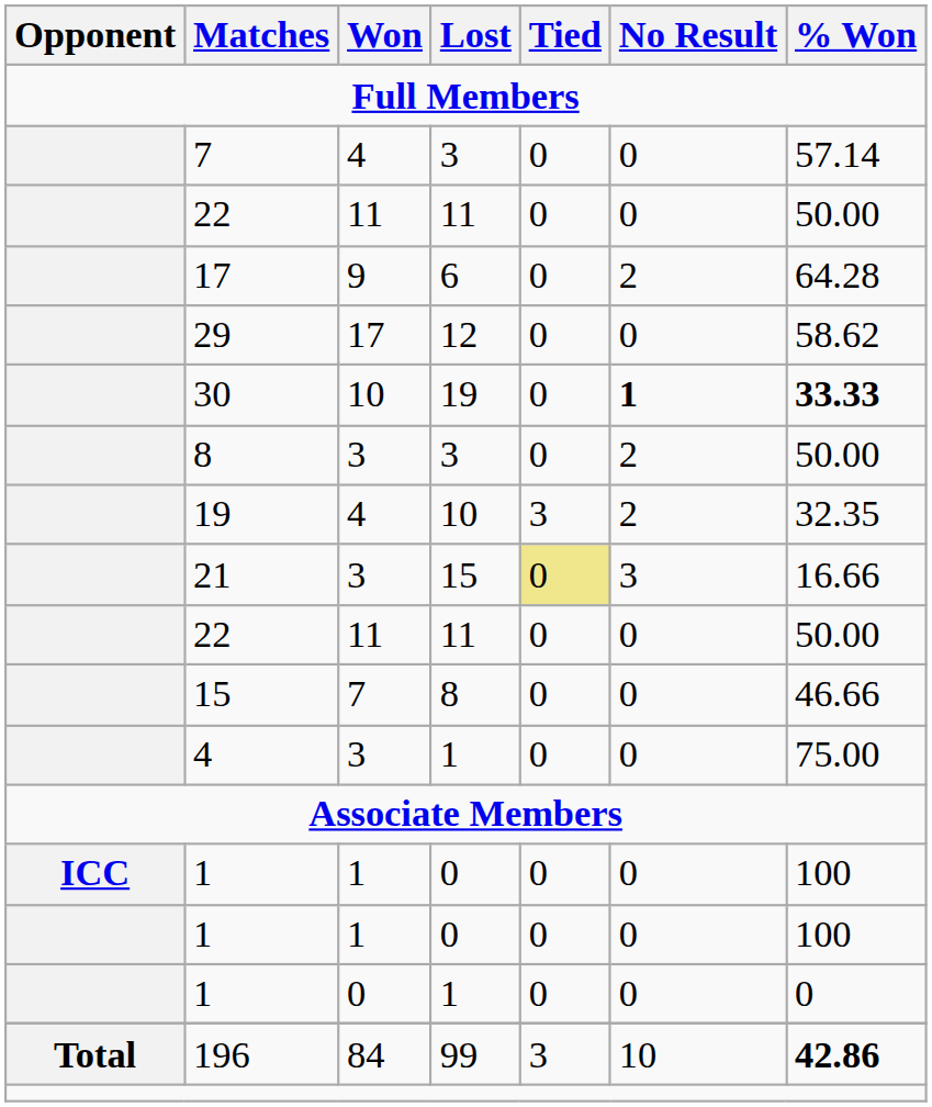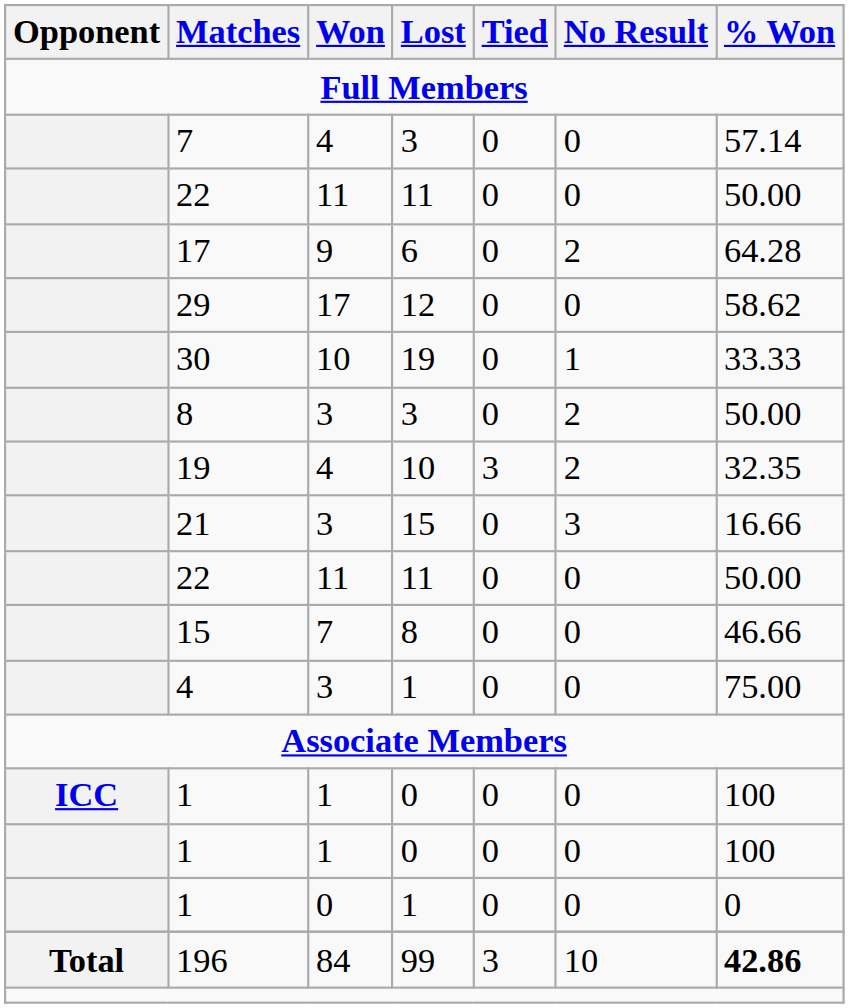 <table class="wikitable plainrowheaders sortable">
 <tr>
 <th scope="col">Opponent</th>
 <th scope="col"><a href='#'>Matches</a></th>
 <th scope="col"><a href='#'>Won</a></th>
 <th scope="col"><a href='#'>Lost</a></th>
 <th scope="col"><a href='#'>Tied</a></th>
 <th scope="col"><a href='#'>No Result</a></th>
 <th scope="col"><a href='#'>% Won</a></th>
 </tr>
 <tr>
 <td style="text-align: center;" colspan="9"><strong><a href='#'>Full Members</a></strong></td>
 </tr>
 <tr>
 <th scope=row></th>
 <td>7</td>
 <td>4</td>
 <td>3</td>
 <td>0</td>
 <td>0</td>
 <td>57.14</td>
 </tr>
 <tr>
 <th scope=row></th>
 <td>22</td>
 <td>11</td>
 <td>11</td>
 <td>0</td>
 <td>0</td>
 <td>50.00</td>
 </tr>
 <tr>
 <th scope=row></th>
 <td>17</td>
 <td>9</td>
 <td>6</td>
 <td>0</td>
 <td>2</td>
 <td>64.28</td>
 </tr>
 <tr>
 <th scope=row></th>
 <td>29</td>
 <td>17</td>
 <td>12</td>
 <td>0</td>
 <td>0</td>
 <td>58.62</td>
 </tr>
 <tr>
 <th scope=row></th>
 <td>30</td>
 <td>10</td>
 <td>19</td>
 <td>0</td>
-<td><strong>1</strong></td>
-<td><strong>33.33</strong></td>
+<td>1</td>
+<td>33.33</td>
 </tr>
 <tr>
 <th scope=row></th>
 <td>8</td>
 <td>3</td>
 <td>3</td>
 <td>0</td>
 <td>2</td>
 <td>50.00</td>
 </tr>
 <tr>
 <th scope=row></th>
 <td>19</td>
 <td>4</td>
 <td>10</td>
 <td>3</td>
 <td>2</td>
 <td>32.35</td>
 </tr>
 <tr>
 <th scope=row></th>
 <td>21</td>
 <td>3</td>
 <td>15</td>
-<td style="background: khaki;">0</td>
+<td>0</td>
 <td>3</td>
 <td>16.66</td>
 </tr>
 <tr>
 <th scope=row></th>
 <td>22</td>
 <td>11</td>
 <td>11</td>
 <td>0</td>
 <td>0</td>
 <td>50.00</td>
 </tr>
 <tr>
 <th scope=row></th>
 <td>15</td>
 <td>7</td>
 <td>8</td>
 <td>0</td>
 <td>0</td>
 <td>46.66</td>
 </tr>
 <tr>
 <th scope=row></th>
 <td>4</td>
 <td>3</td>
 <td>1</td>
 <td>0</td>
 <td>0</td>
 <td>75.00</td>
 </tr>
 <tr>
 <td colspan="10" style="text-align: center;"><strong><a href='#'>Associate Members</a></strong></td>
 </tr>
 <tr>
 <th scope=row><a href='#'>ICC</a></th>
 <td>1</td>
 <td>1</td>
 <td>0</td>
 <td>0</td>
 <td>0</td>
 <td>100</td>
 </tr>
 <tr>
 <th scope=row></th>
 <td>1</td>
 <td>1</td>
 <td>0</td>
 <td>0</td>
 <td>0</td>
 <td>100</td>
 </tr>
 <tr>
 <th scope=row></th>
 <td>1</td>
 <td>0</td>
 <td>1</td>
 <td>0</td>
 <td>0</td>
 <td>0</td>
 </tr>
 <tr>
 </tr>
 <tr class="sortbottom">
 <th scope="row" style="text-align:center"><strong>Total</strong></th>
 <td>196</td>
 <td>84</td>
 <td>99</td>
 <td>3</td>
 <td>10</td>
 <td><strong>42.86</strong></td>
 </tr>
 <tr>
 <td colspan=10></td>
 </tr>
 </table>
